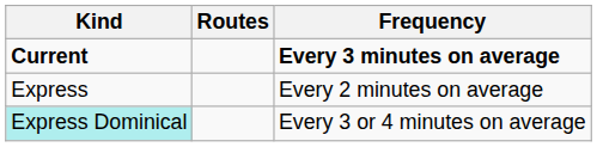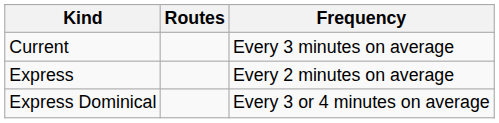 <table class="wikitable" style="margin-left: auto; margin-right: auto; border: none;">
 <tr>
 <th>Kind</th>
 <th>Routes</th>
 <th>Frequency</th>
 </tr>
 <tr>
-<td><strong>Current</strong></td>
+<td>Current</td>
 <td></td>
-<td><strong>Every 3 minutes on average</strong></td>
+<td>Every 3 minutes on average</td>
 </tr>
 <tr>
 <td>Express</td>
 <td>   </td>
 <td>Every 2 minutes on average</td>
 </tr>
 <tr>
-<td style="background: paleturquoise;">Express Dominical</td>
+<td>Express Dominical</td>
 <td></td>
 <td>Every 3 or 4 minutes on average</td>
 </tr>
 </table>
